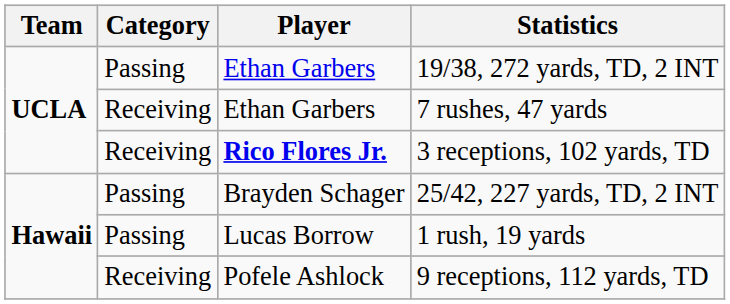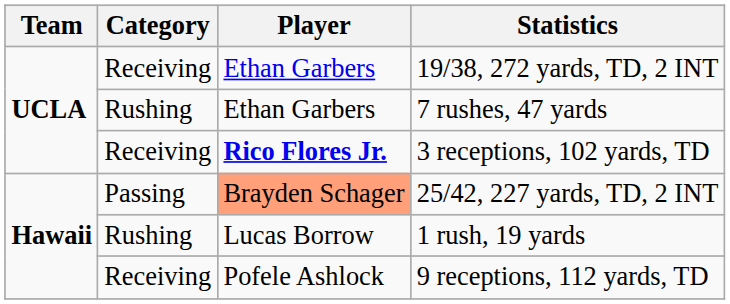 <table class="wikitable" style="float: right;">
 <tr>
 <th>Team</th>
 <th>Category</th>
 <th>Player</th>
 <th>Statistics</th>
 </tr>
 <tr>
 <td rowspan=3><strong>UCLA</strong></td>
-<td>Passing</td>
+<td>Receiving</td>
 <td><a href='#'>Ethan Garbers</a></td>
 <td>19/38, 272 yards, TD, 2 INT</td>
 </tr>
 <tr>
-<td>Receiving</td>
+<td>Rushing</td>
 <td>Ethan Garbers</td>
 <td>7 rushes, 47 yards</td>
 </tr>
 <tr>
 <td>Receiving</td>
 <td><strong><a href='#'>Rico Flores Jr.</a></strong></td>
 <td>3 receptions, 102 yards, TD</td>
 </tr>
 <tr>
 <td rowspan=3><strong>Hawaii</strong></td>
 <td>Passing</td>
-<td>Brayden Schager</td>
+<td style="background: lightsalmon;">Brayden Schager</td>
 <td>25/42, 227 yards, TD, 2 INT</td>
 </tr>
 <tr>
-<td>Passing</td>
+<td>Rushing</td>
 <td>Lucas Borrow</td>
 <td>1 rush, 19 yards</td>
 </tr>
 <tr>
 <td>Receiving</td>
 <td>Pofele Ashlock</td>
 <td>9 receptions, 112 yards, TD</td>
 </tr>
 </table>
